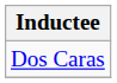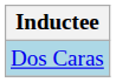 <table class="wikitable">
 <tr>
 <th>Inductee</th>
 </tr>
 <tr>
-<td><a href='#'>Dos Caras</a></td>
+<td style="background: lightblue;"><a href='#'>Dos Caras</a></td>
 </tr>
 <tr>
 </tr>
 </table>
